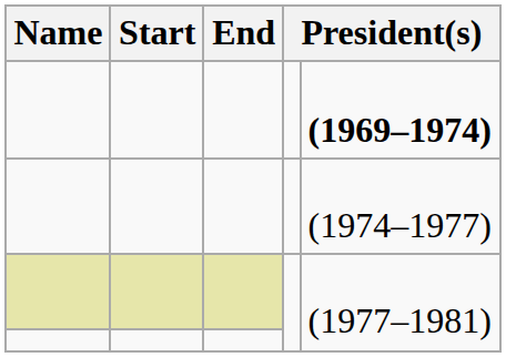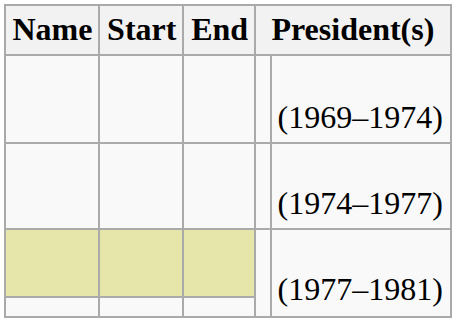 <table class="wikitable sortable">
 <tr>
 <th>Name</th>
 <th>Start</th>
 <th>End</th>
 <th colspan=2>President(s)</th>
 </tr>
 <tr>
 <td rowspan=2></td>
 <td rowspan=2></td>
 <td rowspan=2></td>
 <td style="background: "></td>
-<td><strong><br>(1969–1974)</strong></td>
+<td><br>(1969–1974)</td>
 </tr>
 <tr>
 <td rowspan=2 style="background: "></td>
 <td rowspan=2><br>(1974–1977)</td>
 </tr>
 <tr>
 <td></td>
 <td></td>
 <td></td>
 </tr>
 <tr>
 <td style="background-color:#E6E6AA;"><br></td>
 <td style="background-color:#E6E6AA;"></td>
 <td style="background-color:#E6E6AA;"></td>
 <td rowspan=2 style="background: "></td>
 <td rowspan=2><br>(1977–1981)</td>
 </tr>
 <tr>
 <td></td>
 <td></td>
 <td></td>
 </tr>
 </table>
